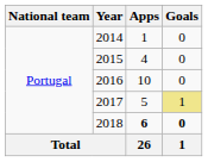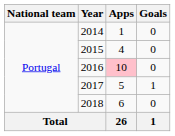 <table class="wikitable" style="text-align: center;">
 <tr>
 <th>National team</th>
 <th>Year</th>
 <th>Apps</th>
 <th>Goals</th>
 </tr>
 <tr>
 <td rowspan="5" valign="center"><a href='#'>Portugal</a></td>
 <td>2014</td>
 <td>1</td>
 <td>0</td>
 </tr>
 <tr>
 <td>2015</td>
 <td>4</td>
 <td>0</td>
 </tr>
 <tr>
 <td>2016</td>
-<td>10</td>
+<td style="background: pink;">10</td>
 <td>0</td>
 </tr>
 <tr>
 <td>2017</td>
 <td>5</td>
-<td style="background: khaki;">1</td>
+<td>1</td>
 </tr>
 <tr>
 <td>2018</td>
-<td><strong>6</strong></td>
-<td><strong>0</strong></td>
+<td>6</td>
+<td>0</td>
 </tr>
 <tr>
 <th colspan="2">Total</th>
 <th>26</th>
 <th>1</th>
 </tr>
 </table>
